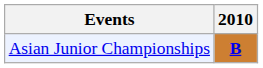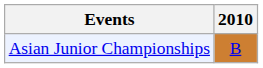 <table class="wikitable" style="font-size: 90%; text-align:center">
 <tr>
 <th>Events</th>
 <th>2010</th>
 </tr>
 <tr>
 <td bgcolor="#ECF2FF"; align="left"><a href='#'>Asian Junior Championships</a></td>
-<td bgcolor=CD7F32><strong><a href='#'>B</a></strong></td>
+<td bgcolor=CD7F32><a href='#'>B</a></td>
 </tr>
 </table>
